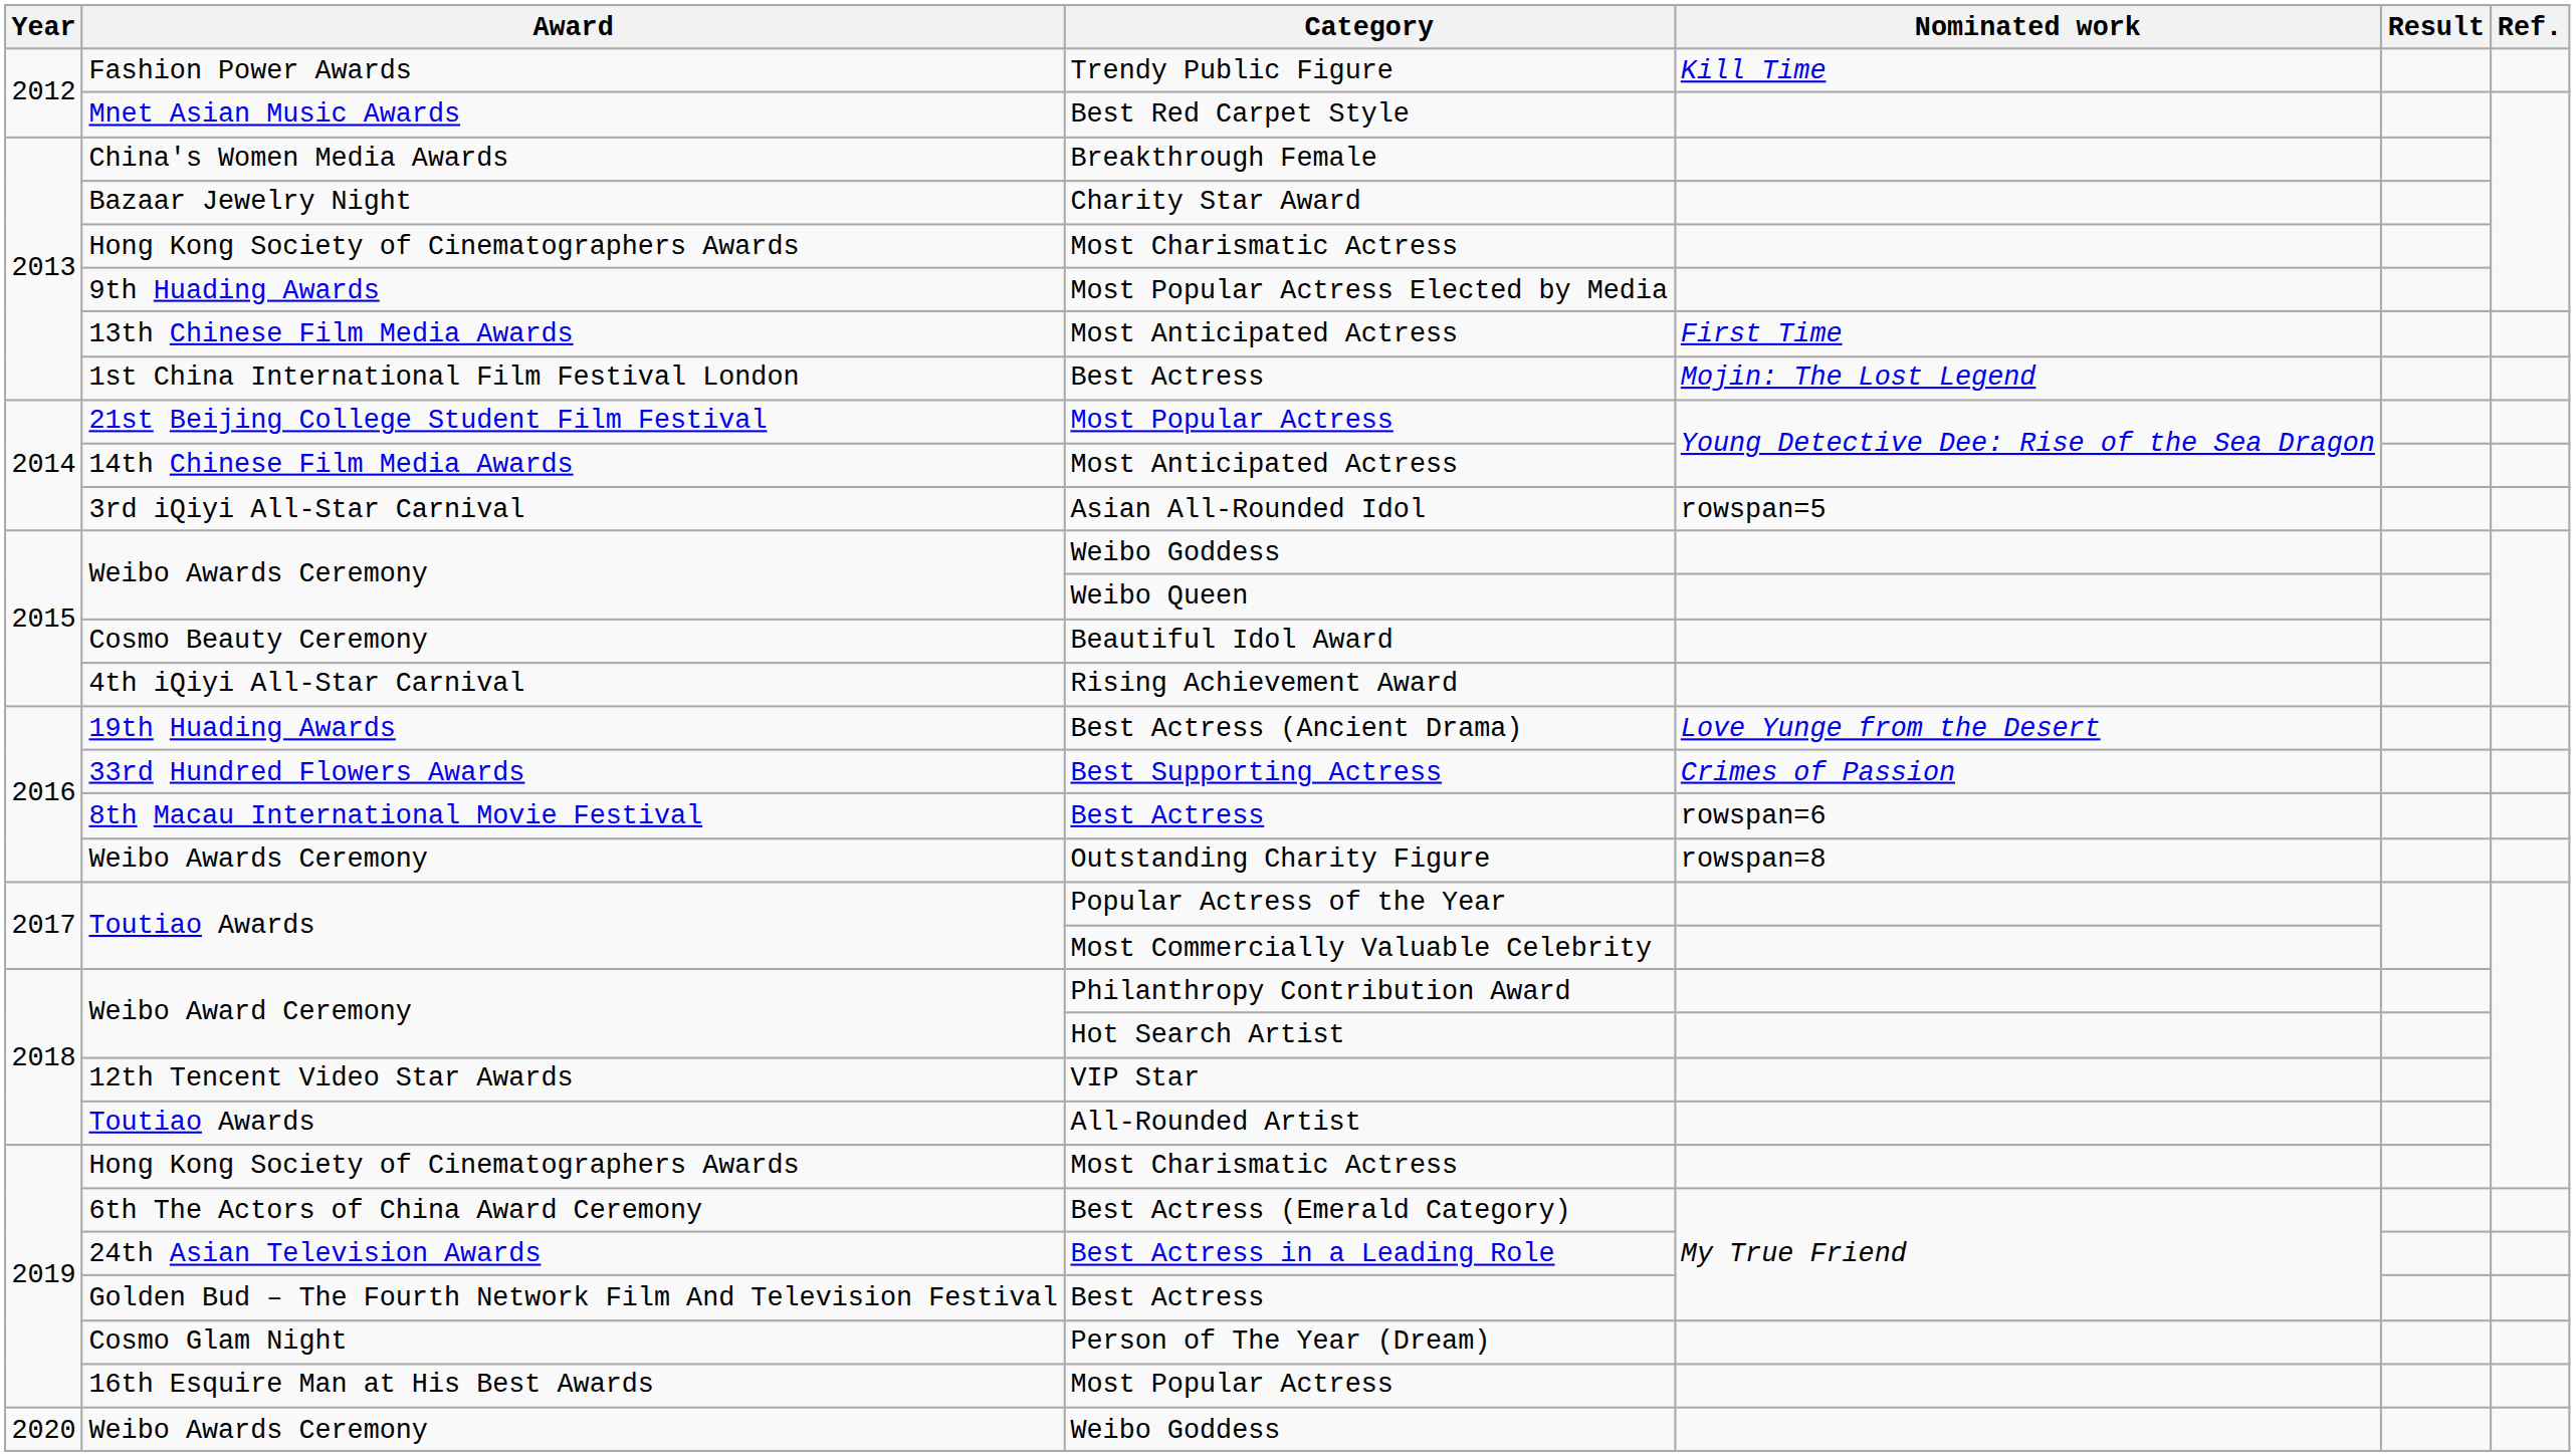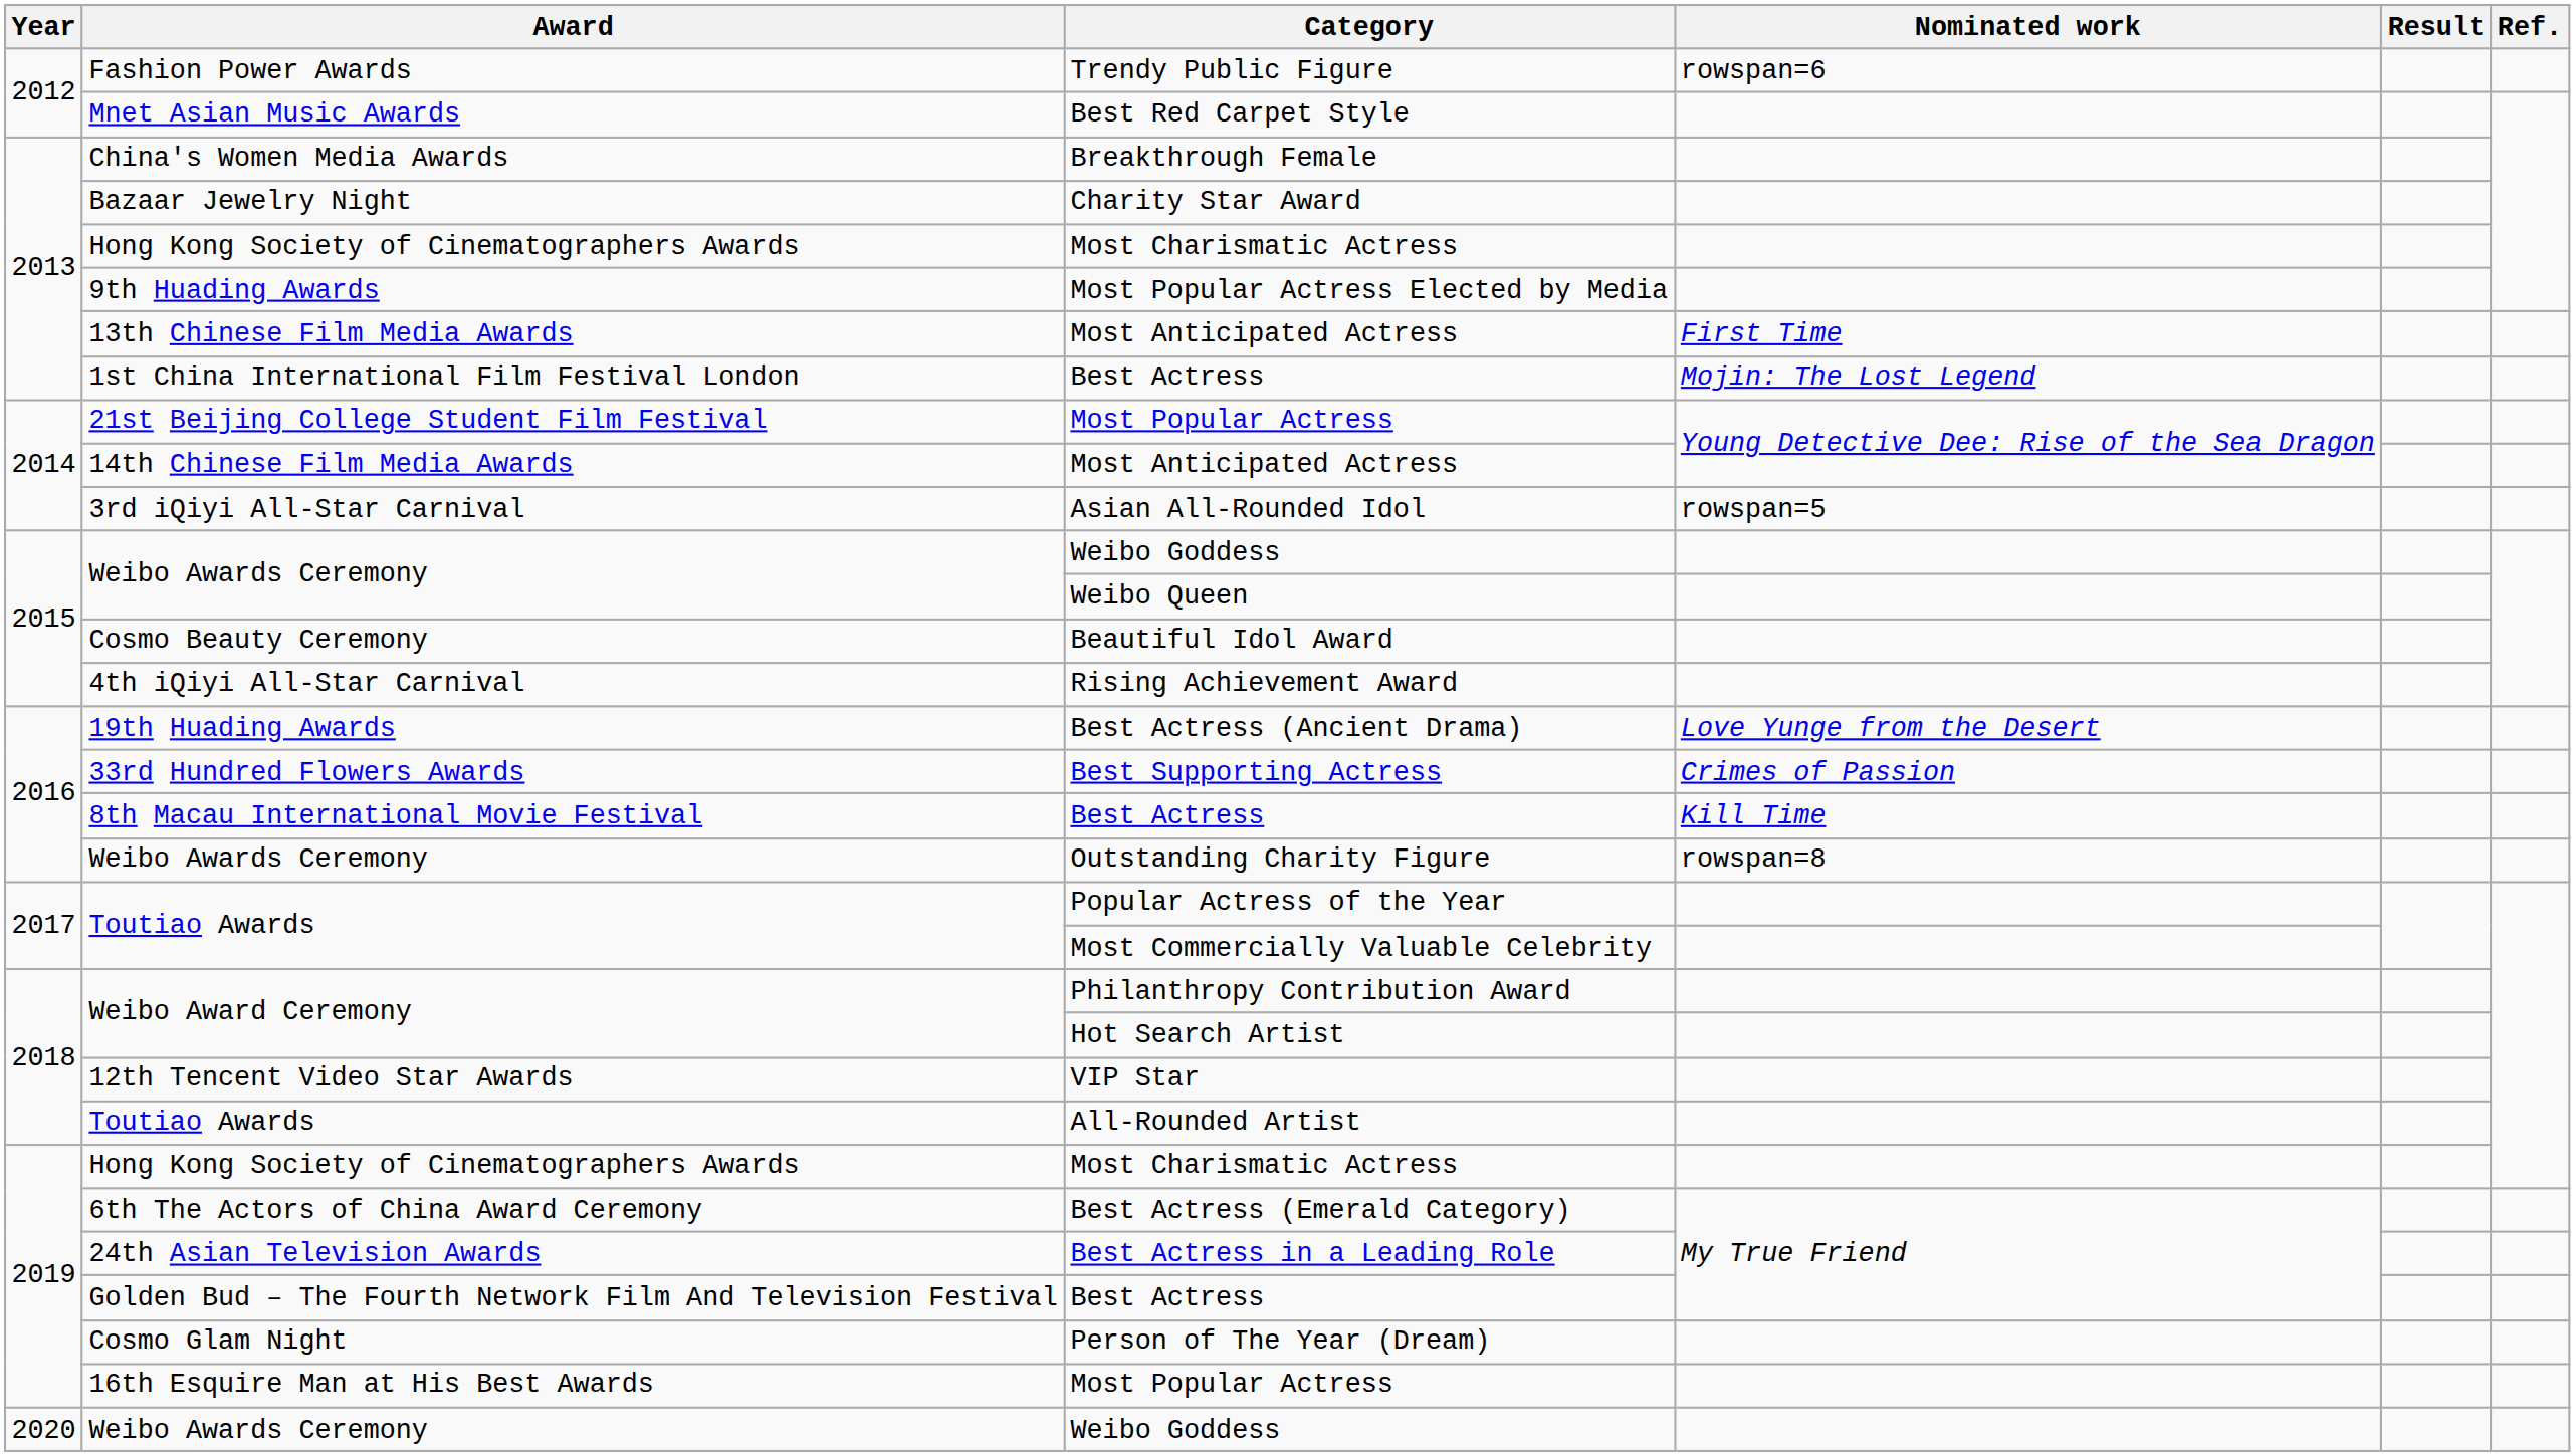 <table class="wikitable">
 <tr>
 <th>Year</th>
 <th>Award</th>
 <th>Category</th>
 <th>Nominated work</th>
 <th>Result</th>
 <th>Ref.</th>
 </tr>
 <tr>
 <td rowspan=2>2012</td>
 <td>Fashion Power Awards</td>
 <td>Trendy Public Figure</td>
-<td><em><a href='#'>Kill Time</a></em></td>
+<td>rowspan=6 </td>
 <td></td>
 <td></td>
 </tr>
 <tr>
 <td><a href='#'>Mnet Asian Music Awards</a></td>
 <td>Best Red Carpet Style</td>
 <td></td>
 <td></td>
 </tr>
 <tr>
 <td rowspan=6>2013</td>
 <td>China's Women Media Awards</td>
 <td>Breakthrough Female</td>
 <td></td>
 <td></td>
 </tr>
 <tr>
 <td>Bazaar Jewelry Night</td>
 <td>Charity Star Award</td>
 <td></td>
 <td></td>
 </tr>
 <tr>
 <td>Hong Kong Society of Cinematographers Awards</td>
 <td>Most Charismatic Actress</td>
 <td></td>
 <td></td>
 </tr>
 <tr>
 <td>9th <a href='#'>Huading Awards</a></td>
 <td>Most Popular Actress Elected by Media</td>
 <td></td>
 <td></td>
 </tr>
 <tr>
 <td>13th <a href='#'>Chinese Film Media Awards</a></td>
 <td>Most Anticipated Actress</td>
 <td><em><a href='#'>First Time</a></em></td>
 <td></td>
 <td></td>
 </tr>
 <tr>
 <td>1st China International Film Festival London</td>
 <td>Best Actress</td>
 <td><em><a href='#'>Mojin: The Lost Legend</a></em></td>
 <td></td>
 <td></td>
 </tr>
 <tr>
 <td rowspan=3>2014</td>
 <td><a href='#'>21st</a> <a href='#'>Beijing College Student Film Festival</a></td>
 <td><a href='#'>Most Popular Actress</a></td>
 <td rowspan=2><em><a href='#'>Young Detective Dee: Rise of the Sea Dragon</a></em></td>
 <td></td>
 <td></td>
 </tr>
 <tr>
 <td>14th <a href='#'>Chinese Film Media Awards</a></td>
 <td>Most Anticipated Actress</td>
 <td></td>
 <td></td>
 </tr>
 <tr>
 <td>3rd iQiyi All-Star Carnival</td>
 <td>Asian All-Rounded Idol</td>
 <td>rowspan=5 </td>
 <td></td>
 <td></td>
 </tr>
 <tr>
 <td rowspan=4>2015</td>
 <td rowspan=2>Weibo Awards Ceremony</td>
 <td>Weibo Goddess</td>
 <td></td>
 <td></td>
 </tr>
 <tr>
 <td>Weibo Queen</td>
 <td></td>
 <td></td>
 </tr>
 <tr>
 <td>Cosmo Beauty Ceremony</td>
 <td>Beautiful Idol Award</td>
 <td></td>
 <td></td>
 </tr>
 <tr>
 <td>4th iQiyi All-Star Carnival</td>
 <td>Rising Achievement Award</td>
 <td></td>
 <td></td>
 </tr>
 <tr>
 <td rowspan=4>2016</td>
 <td><a href='#'>19th</a> <a href='#'>Huading Awards</a></td>
 <td>Best Actress (Ancient Drama)</td>
 <td><em><a href='#'>Love Yunge from the Desert</a></em></td>
 <td></td>
 <td></td>
 </tr>
 <tr>
 <td><a href='#'>33rd</a> <a href='#'>Hundred Flowers Awards</a></td>
 <td><a href='#'>Best Supporting Actress</a></td>
 <td><em><a href='#'>Crimes of Passion</a></em></td>
 <td></td>
 <td></td>
 </tr>
 <tr>
 <td><a href='#'>8th</a> <a href='#'>Macau International Movie Festival</a></td>
 <td><a href='#'>Best Actress</a></td>
-<td>rowspan=6 </td>
+<td><em><a href='#'>Kill Time</a></em></td>
 <td></td>
 <td></td>
 </tr>
 <tr>
 <td>Weibo Awards Ceremony</td>
 <td>Outstanding Charity Figure</td>
 <td>rowspan=8  </td>
 <td></td>
 <td></td>
 </tr>
 <tr>
 <td rowspan=2>2017</td>
 <td rowspan=2><a href='#'>Toutiao</a> Awards</td>
 <td>Popular Actress of the Year</td>
 <td></td>
 <td rowspan=2></td>
 </tr>
 <tr>
 <td>Most Commercially Valuable Celebrity</td>
 <td></td>
 </tr>
 <tr>
 <td rowspan=4>2018</td>
 <td rowspan=2>Weibo Award Ceremony</td>
 <td>Philanthropy Contribution Award</td>
 <td></td>
 <td></td>
 </tr>
 <tr>
 <td>Hot Search Artist</td>
 <td></td>
 <td></td>
 </tr>
 <tr>
 <td>12th Tencent Video Star Awards</td>
 <td>VIP Star</td>
 <td></td>
 <td></td>
 </tr>
 <tr>
 <td><a href='#'>Toutiao</a> Awards</td>
 <td>All-Rounded Artist</td>
 <td></td>
 <td></td>
 </tr>
 <tr>
 <td rowspan=6>2019</td>
 <td>Hong Kong Society of Cinematographers Awards</td>
 <td>Most Charismatic Actress</td>
 <td></td>
 <td></td>
 </tr>
 <tr>
 <td>6th The Actors of China Award Ceremony</td>
 <td>Best Actress (Emerald Category)</td>
 <td rowspan=3><em>My True Friend</em></td>
 <td></td>
 <td></td>
 </tr>
 <tr>
 <td>24th <a href='#'>Asian Television Awards</a></td>
 <td><a href='#'>Best Actress in a Leading Role</a></td>
 <td></td>
 <td></td>
 </tr>
 <tr>
 <td>Golden Bud – The Fourth Network Film And Television Festival</td>
 <td>Best Actress</td>
 <td></td>
 <td></td>
 </tr>
 <tr>
 <td>Cosmo Glam Night</td>
 <td>Person of The Year (Dream)</td>
 <td></td>
 <td></td>
 <td></td>
 </tr>
 <tr>
 <td>16th Esquire Man at His Best Awards</td>
 <td>Most Popular Actress</td>
 <td></td>
 <td></td>
 <td></td>
 </tr>
 <tr>
 <td>2020</td>
 <td>Weibo Awards Ceremony</td>
 <td>Weibo Goddess</td>
 <td></td>
 <td></td>
 <td></td>
 </tr>
 </table>
